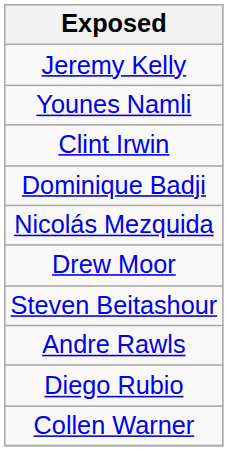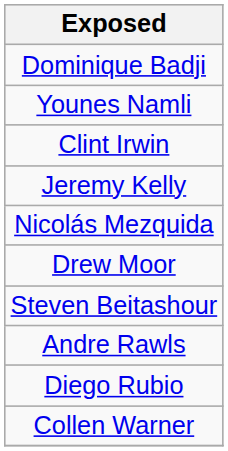 <table class="wikitable" style="text-align:center">
 <tr>
 <th>Exposed</th>
 </tr>
 <tr>
-<td><a href='#'>Jeremy Kelly</a></td>
+<td><a href='#'>Dominique Badji</a></td>
 </tr>
 <tr>
 <td><a href='#'>Younes Namli</a></td>
 </tr>
 <tr>
 <td><a href='#'>Clint Irwin</a></td>
 </tr>
 <tr>
-<td><a href='#'>Dominique Badji</a></td>
+<td><a href='#'>Jeremy Kelly</a></td>
 </tr>
 <tr>
 <td><a href='#'>Nicolás Mezquida</a></td>
 </tr>
 <tr>
 <td><a href='#'>Drew Moor</a></td>
 </tr>
 <tr>
 <td><a href='#'>Steven Beitashour</a></td>
 </tr>
 <tr>
 <td><a href='#'>Andre Rawls</a></td>
 </tr>
 <tr>
 <td><a href='#'>Diego Rubio</a></td>
 </tr>
 <tr>
 <td><a href='#'>Collen Warner</a></td>
 </tr>
 <tr>
 </tr>
 </table>
